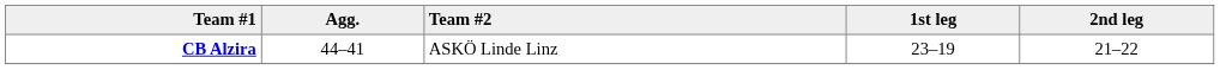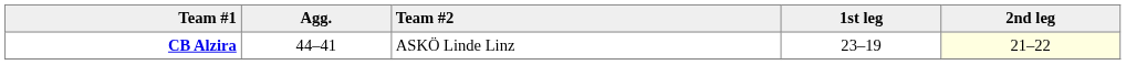 <table border=1 cellspacing=0 cellpadding=4 style="border-collapse: collapse;" width=70%>
 <tr bgcolor="efefef">
 <th align=right>Team #1</th>
 <th>Agg.</th>
 <th align=left>Team #2</th>
 <th>1st leg</th>
 <th>2nd leg</th>
 </tr>
 <tr>
 <td align=right><strong><a href='#'>CB Alzira</a></strong> </td>
 <td align=center>44–41</td>
 <td> ASKÖ Linde Linz</td>
 <td align=center>23–19</td>
-<td align=center>21–22</td>
+<td align=center style="background: lightyellow;">21–22</td>
 </tr>
 <tr>
 </tr>
 </table>
